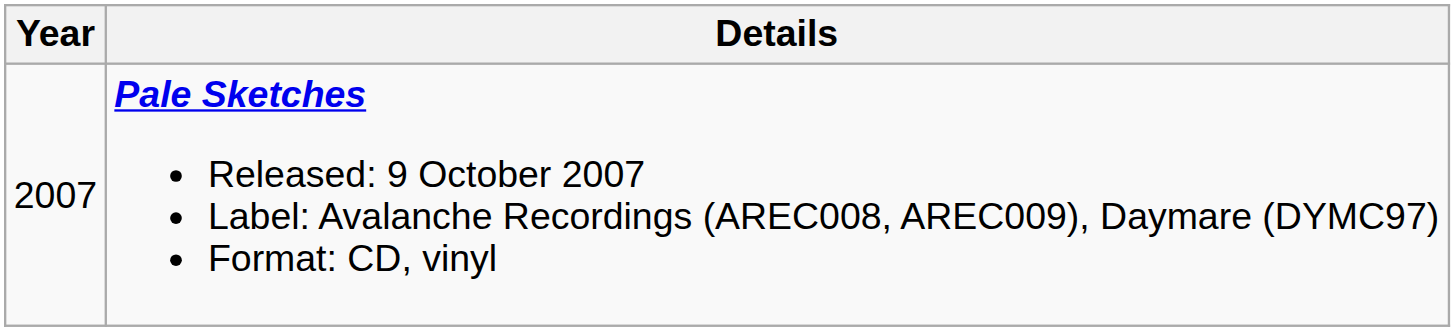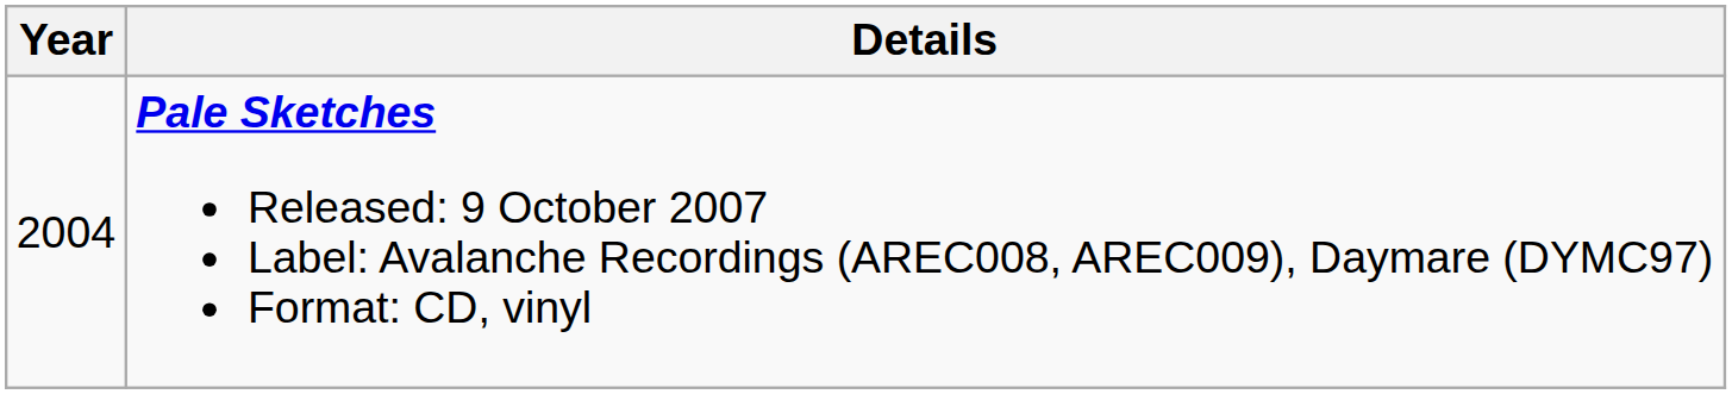 <table class="wikitable">
 <tr>
 <th>Year</th>
 <th>Details</th>
 </tr>
 <tr>
-<td>2007</td>
+<td>2004</td>
 <td><strong><em><a href='#'>Pale Sketches</a></em></strong><br><ul><li>Released: 9 October 2007</li><li>Label: Avalanche Recordings (AREC008, AREC009), Daymare (DYMC97)</li><li>Format: CD, vinyl</li></ul></td>
 </tr>
 </table>
